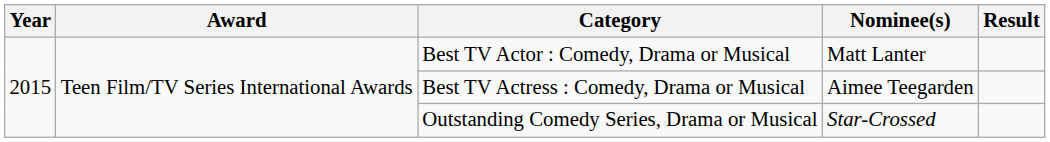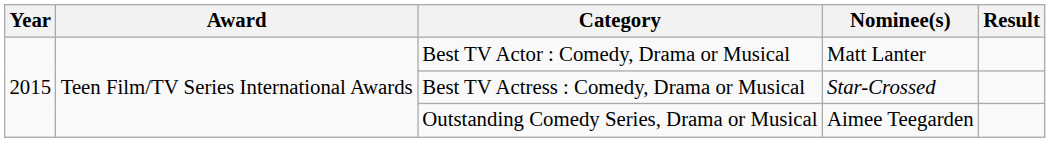 <table class="wikitable sortable">
 <tr>
 <th>Year</th>
 <th>Award</th>
 <th>Category</th>
 <th>Nominee(s)</th>
 <th>Result</th>
 </tr>
 <tr>
 <td rowspan="3">2015</td>
 <td rowspan="3">Teen Film/TV Series International Awards</td>
 <td>Best TV Actor : Comedy, Drama or Musical</td>
 <td>Matt Lanter</td>
 <td></td>
 </tr>
 <tr>
 <td>Best TV Actress : Comedy, Drama or Musical</td>
-<td>Aimee Teegarden</td>
+<td><em>Star-Crossed</em></td>
 <td></td>
 </tr>
 <tr>
 <td>Outstanding Comedy Series, Drama or Musical</td>
-<td><em>Star-Crossed</em></td>
+<td>Aimee Teegarden</td>
 <td></td>
 </tr>
 </table>
